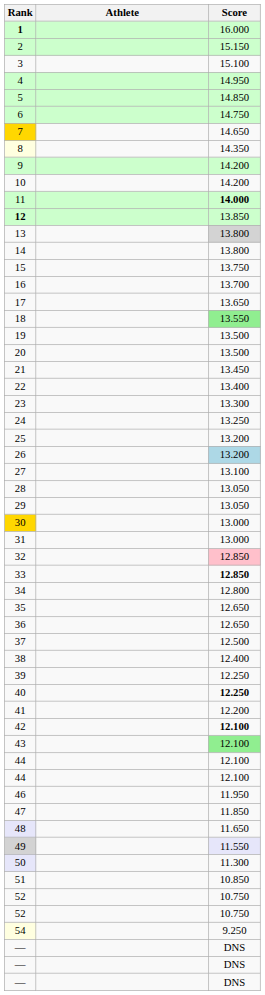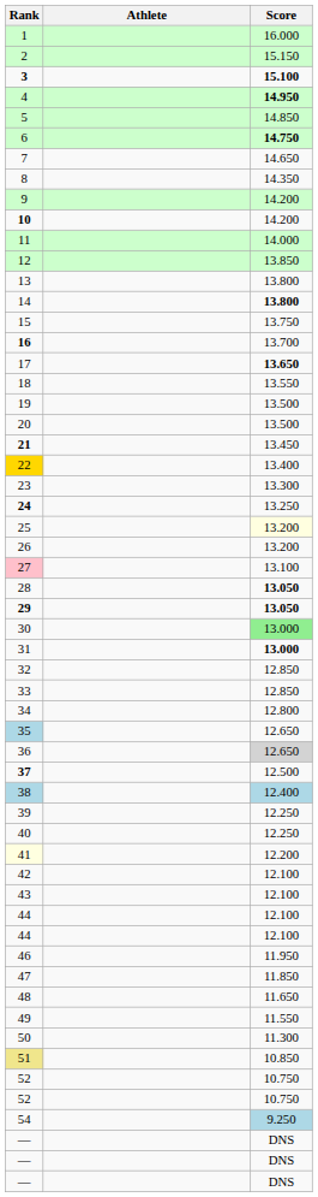 <table class=wikitable style="text-align:center">
 <tr>
 <th width=40>Rank</th>
 <th width=250>Athlete</th>
 <th width=70>Score</th>
 </tr>
 <tr bgcolor="ccffcc">
-<td><strong>1</strong></td>
+<td>1</td>
 <td align=left></td>
 <td>16.000</td>
 </tr>
 <tr bgcolor="ccffcc">
 <td>2</td>
 <td align=left></td>
 <td>15.150</td>
 </tr>
 <tr>
-<td>3</td>
+<td><strong>3</strong></td>
 <td align=left></td>
-<td>15.100</td>
+<td><strong>15.100</strong></td>
 </tr>
 <tr bgcolor="ccffcc">
 <td>4 </td>
 <td align=left></td>
-<td>14.950</td>
+<td><strong>14.950</strong></td>
 </tr>
 <tr bgcolor="ccffcc">
 <td>5</td>
 <td align=left></td>
 <td>14.850</td>
 </tr>
 <tr bgcolor="ccffcc">
 <td>6</td>
 <td align=left></td>
-<td>14.750</td>
+<td><strong>14.750</strong></td>
 </tr>
 <tr>
-<td style="background: gold;">7 </td>
+<td>7 </td>
 <td align=left></td>
 <td>14.650</td>
 </tr>
 <tr>
-<td style="background: lightyellow;">8</td>
+<td>8</td>
 <td align=left></td>
 <td>14.350</td>
 </tr>
 <tr bgcolor="ccffcc">
 <td>9</td>
 <td align=left></td>
 <td>14.200</td>
 </tr>
 <tr>
-<td>10</td>
+<td><strong>10</strong></td>
 <td align=left></td>
 <td>14.200</td>
 </tr>
 <tr bgcolor="ccffcc">
 <td>11</td>
 <td align=left></td>
-<td><strong>14.000</strong></td>
+<td>14.000</td>
 </tr>
 <tr bgcolor="ccffcc">
-<td><strong>12</strong></td>
+<td>12</td>
 <td align=left></td>
 <td>13.850</td>
 </tr>
 <tr>
 <td>13</td>
 <td align=left></td>
-<td style="background: lightgrey;">13.800</td>
+<td>13.800</td>
 </tr>
 <tr>
 <td>14</td>
 <td align=left></td>
-<td>13.800</td>
+<td><strong>13.800</strong></td>
 </tr>
 <tr>
 <td>15</td>
 <td align=left></td>
 <td>13.750</td>
 </tr>
 <tr>
-<td>16</td>
+<td><strong>16</strong></td>
 <td align=left></td>
 <td>13.700</td>
 </tr>
 <tr>
 <td>17</td>
 <td align=left></td>
-<td>13.650</td>
+<td><strong>13.650</strong></td>
 </tr>
 <tr>
 <td>18</td>
 <td align=left></td>
-<td style="background: lightgreen;">13.550</td>
+<td>13.550</td>
 </tr>
 <tr>
 <td>19</td>
 <td align=left></td>
 <td>13.500</td>
 </tr>
 <tr>
 <td>20</td>
 <td align=left></td>
 <td>13.500</td>
 </tr>
 <tr>
-<td>21</td>
+<td><strong>21</strong></td>
 <td align=left></td>
 <td>13.450</td>
 </tr>
 <tr>
-<td>22</td>
+<td style="background: gold;">22</td>
 <td align=left></td>
 <td>13.400</td>
 </tr>
 <tr>
 <td>23</td>
 <td align=left></td>
 <td>13.300</td>
 </tr>
 <tr>
-<td>24</td>
+<td><strong>24</strong></td>
 <td align=left></td>
 <td>13.250</td>
 </tr>
 <tr>
 <td>25</td>
 <td align=left></td>
-<td>13.200</td>
+<td style="background: lightyellow;">13.200</td>
 </tr>
 <tr>
 <td>26</td>
 <td align=left></td>
-<td style="background: lightblue;">13.200</td>
+<td>13.200</td>
 </tr>
 <tr>
-<td>27</td>
+<td style="background: pink;">27</td>
 <td align=left></td>
 <td>13.100</td>
 </tr>
 <tr>
 <td>28</td>
 <td align=left></td>
-<td>13.050</td>
+<td><strong>13.050</strong></td>
 </tr>
 <tr>
-<td>29</td>
+<td><strong>29</strong></td>
 <td align=left></td>
-<td>13.050</td>
+<td><strong>13.050</strong></td>
 </tr>
 <tr>
-<td style="background: gold;">30</td>
+<td>30</td>
 <td align=left></td>
-<td>13.000</td>
+<td style="background: lightgreen;">13.000</td>
 </tr>
 <tr>
 <td>31</td>
 <td align=left></td>
-<td>13.000</td>
+<td><strong>13.000</strong></td>
 </tr>
 <tr>
 <td>32</td>
 <td align=left></td>
-<td style="background: pink;">12.850</td>
+<td>12.850</td>
 </tr>
 <tr>
 <td>33</td>
 <td align=left></td>
-<td><strong>12.850</strong></td>
+<td>12.850</td>
 </tr>
 <tr>
 <td>34</td>
 <td align=left></td>
 <td>12.800</td>
 </tr>
 <tr>
-<td>35</td>
+<td style="background: lightblue;">35</td>
 <td align=left></td>
 <td>12.650</td>
 </tr>
 <tr>
 <td>36</td>
 <td align=left></td>
-<td>12.650</td>
+<td style="background: lightgrey;">12.650</td>
 </tr>
 <tr>
-<td>37</td>
+<td><strong>37</strong></td>
 <td align=left></td>
 <td>12.500</td>
 </tr>
 <tr>
-<td>38</td>
+<td style="background: lightblue;">38</td>
 <td align=left></td>
-<td>12.400</td>
+<td style="background: lightblue;">12.400</td>
 </tr>
 <tr>
 <td>39</td>
 <td align=left></td>
 <td>12.250</td>
 </tr>
 <tr>
 <td>40</td>
 <td align=left></td>
-<td><strong>12.250</strong></td>
+<td>12.250</td>
 </tr>
 <tr>
-<td>41</td>
+<td style="background: lightyellow;">41</td>
 <td align=left></td>
 <td>12.200</td>
 </tr>
 <tr>
 <td>42</td>
 <td align=left></td>
-<td><strong>12.100</strong></td>
+<td>12.100</td>
 </tr>
 <tr>
 <td>43</td>
 <td align=left></td>
-<td style="background: lightgreen;">12.100</td>
+<td>12.100</td>
 </tr>
 <tr>
 <td>44</td>
 <td align=left></td>
 <td>12.100</td>
 </tr>
 <tr>
 <td>44</td>
 <td align=left></td>
 <td>12.100</td>
 </tr>
 <tr>
 <td>46</td>
 <td align=left></td>
 <td>11.950</td>
 </tr>
 <tr>
 <td>47</td>
 <td align=left></td>
 <td>11.850</td>
 </tr>
 <tr>
-<td style="background: lavender;">48</td>
+<td>48</td>
 <td align=left></td>
 <td>11.650</td>
 </tr>
 <tr>
-<td style="background: lightgrey;">49</td>
+<td>49</td>
 <td align=left></td>
-<td style="background: lavender;">11.550</td>
+<td>11.550</td>
 </tr>
 <tr>
-<td style="background: lavender;">50</td>
+<td>50</td>
 <td align=left></td>
 <td>11.300</td>
 </tr>
 <tr>
-<td>51</td>
+<td style="background: khaki;">51</td>
 <td align=left></td>
 <td>10.850</td>
 </tr>
 <tr>
 <td>52</td>
 <td align=left></td>
 <td>10.750</td>
 </tr>
 <tr>
 <td>52</td>
 <td align=left></td>
 <td>10.750</td>
 </tr>
 <tr>
-<td style="background: lightyellow;">54</td>
+<td>54</td>
 <td align=left></td>
-<td>9.250</td>
+<td style="background: lightblue;">9.250</td>
 </tr>
 <tr>
 <td>—</td>
 <td align=left></td>
 <td>DNS</td>
 </tr>
 <tr>
 <td>—</td>
 <td align=left></td>
 <td>DNS</td>
 </tr>
 <tr>
 <td>—</td>
 <td align=left></td>
 <td>DNS</td>
 </tr>
 </table>
